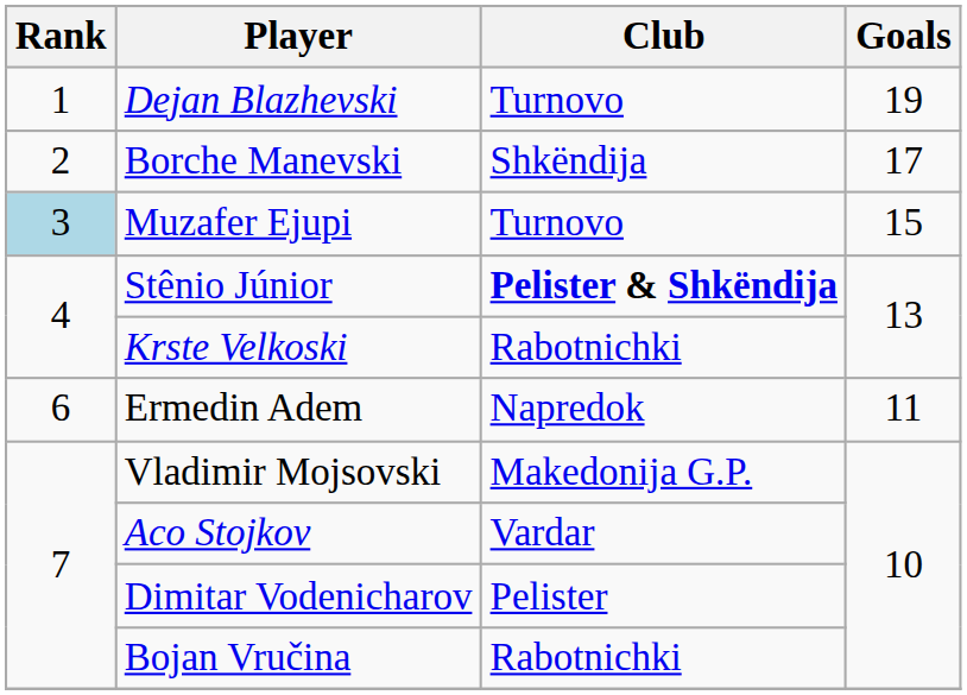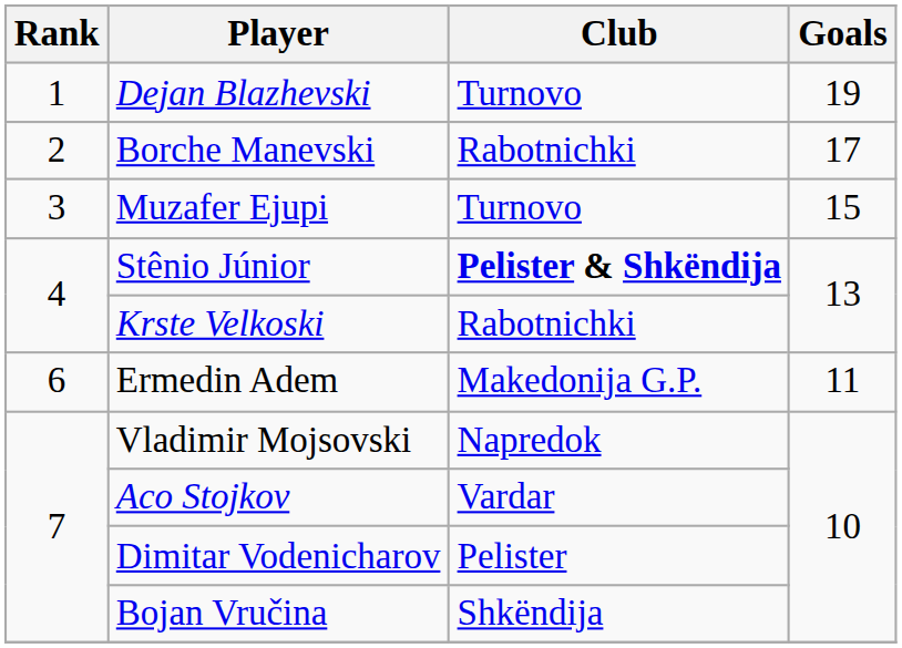 <table class="wikitable" style="text-align:center">
 <tr>
 <th>Rank</th>
 <th>Player</th>
 <th>Club</th>
 <th>Goals</th>
 </tr>
 <tr>
 <td>1</td>
 <td align="left"> <em><a href='#'>Dejan Blazhevski</a></em></td>
 <td align="left"><a href='#'>Turnovo</a></td>
 <td>19</td>
 </tr>
 <tr>
 <td>2</td>
 <td align="left"> <a href='#'>Borche Manevski</a></td>
-<td align="left"><a href='#'>Shkëndija</a></td>
+<td align="left"><a href='#'>Rabotnichki</a></td>
 <td>17</td>
 </tr>
 <tr>
-<td style="background: lightblue;">3</td>
+<td>3</td>
 <td align="left"> <a href='#'>Muzafer Ejupi</a></td>
 <td align="left"><a href='#'>Turnovo</a></td>
 <td>15</td>
 </tr>
 <tr>
 <td rowspan="2">4</td>
 <td align="left"> <a href='#'>Stênio Júnior</a></td>
 <td align="left"><strong><a href='#'>Pelister</a> & <a href='#'>Shkëndija</a></strong></td>
 <td rowspan="2">13</td>
 </tr>
 <tr>
 <td align="left"> <em><a href='#'>Krste Velkoski</a></em></td>
 <td align="left"><a href='#'>Rabotnichki</a></td>
 </tr>
 <tr>
 <td>6</td>
 <td align="left"> Ermedin Adem</td>
-<td align="left"><a href='#'>Napredok</a></td>
+<td align="left"><a href='#'>Makedonija G.P.</a></td>
 <td>11</td>
 </tr>
 <tr>
 <td rowspan="4">7</td>
 <td align="left"> Vladimir Mojsovski</td>
-<td align="left"><a href='#'>Makedonija G.P.</a></td>
+<td align="left"><a href='#'>Napredok</a></td>
 <td rowspan="4">10</td>
 </tr>
 <tr>
 <td align="left"> <em><a href='#'>Aco Stojkov</a></em></td>
 <td align="left"><a href='#'>Vardar</a></td>
 </tr>
 <tr>
 <td align="left"> <a href='#'>Dimitar Vodenicharov</a></td>
 <td align="left"><a href='#'>Pelister</a></td>
 </tr>
 <tr>
 <td align="left"> <a href='#'>Bojan Vručina</a></td>
-<td align="left"><a href='#'>Rabotnichki</a></td>
+<td align="left"><a href='#'>Shkëndija</a></td>
 </tr>
 <tr>
 </tr>
 </table>
